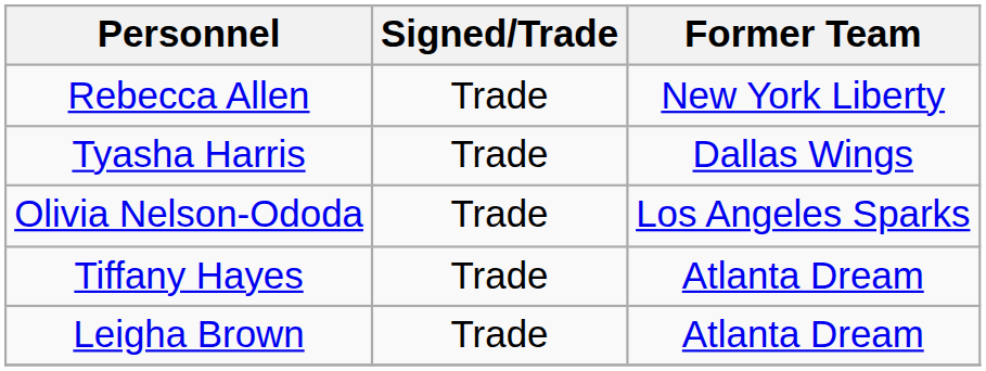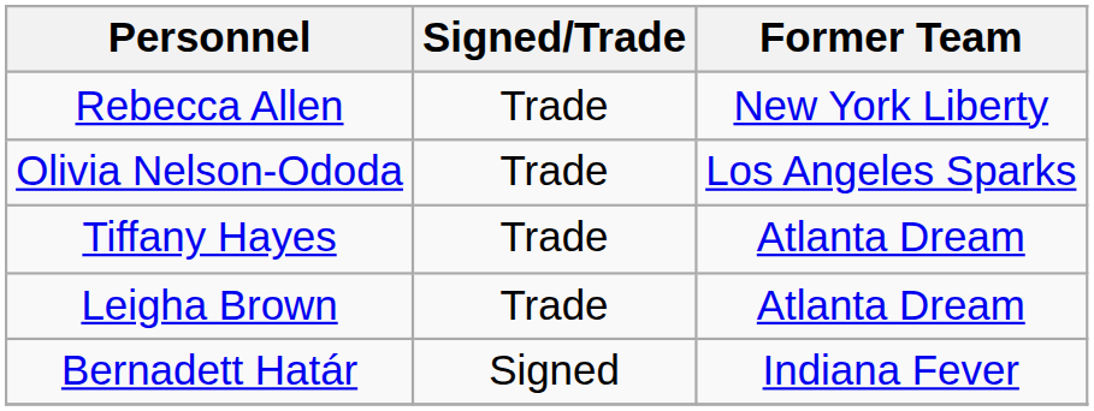 <table class="wikitable" style="text-align: center">
 <tr align="center" bgcolor="#dddddd">
 <th><strong>Personnel</strong></th>
 <th><strong>Signed/Trade</strong></th>
 <th><strong>Former Team</strong></th>
 </tr>
 <tr>
 <td><a href='#'>Rebecca Allen</a></td>
 <td>Trade</td>
 <td><a href='#'>New York Liberty</a></td>
-</tr>
-<tr>
-<td><a href='#'>Tyasha Harris</a></td>
-<td>Trade</td>
-<td><a href='#'>Dallas Wings</a></td>
 </tr>
 <tr>
 <td><a href='#'>Olivia Nelson-Ododa</a></td>
 <td>Trade</td>
 <td><a href='#'>Los Angeles Sparks</a></td>
 </tr>
 <tr>
 <td><a href='#'>Tiffany Hayes</a></td>
 <td>Trade</td>
 <td><a href='#'>Atlanta Dream</a></td>
 </tr>
 <tr>
 <td><a href='#'>Leigha Brown</a></td>
 <td>Trade</td>
 <td><a href='#'>Atlanta Dream</a></td>
 </tr>
 <tr>
+<td><a href='#'>Bernadett Határ</a></td>
+<td>Signed</td>
+<td><a href='#'>Indiana Fever</a></td>
+</tr>
+<tr>
 </tr>
 </table>
